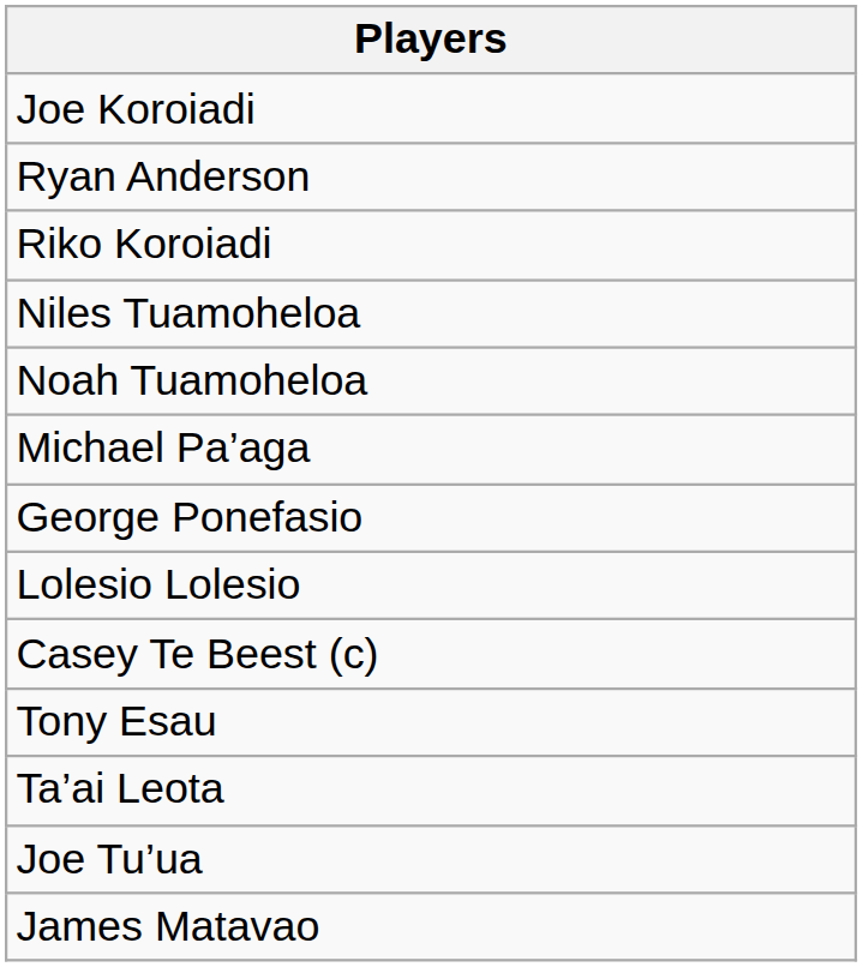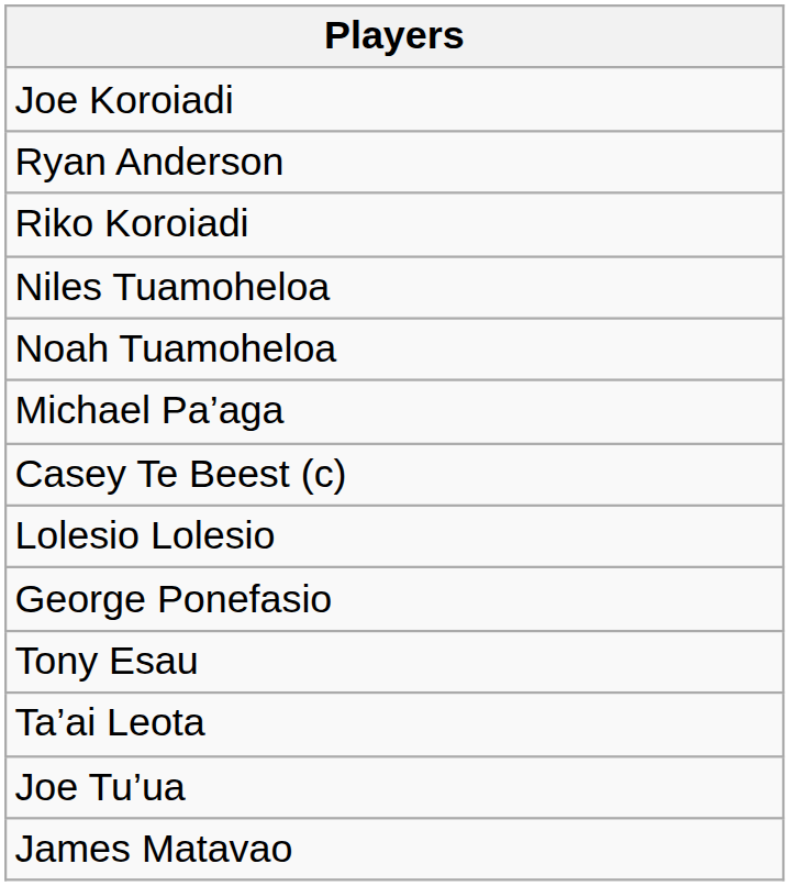 <table class="wikitable" style="width:20%">
 <tr>
 <th>Players</th>
 </tr>
 <tr>
 <td>Joe Koroiadi</td>
 </tr>
 <tr>
 <td>Ryan Anderson</td>
 </tr>
 <tr>
 <td>Riko Koroiadi</td>
 </tr>
 <tr>
 <td>Niles Tuamoheloa</td>
 </tr>
 <tr>
 <td>Noah Tuamoheloa</td>
 </tr>
 <tr>
 <td>Michael Pa’aga</td>
 </tr>
 <tr>
-<td>George Ponefasio</td>
+<td>Casey Te Beest (c)</td>
 </tr>
 <tr>
 <td>Lolesio Lolesio</td>
 </tr>
 <tr>
-<td>Casey Te Beest (c)</td>
+<td>George Ponefasio</td>
 </tr>
 <tr>
 <td>Tony Esau</td>
 </tr>
 <tr>
 <td>Ta’ai Leota</td>
 </tr>
 <tr>
 <td>Joe Tu’ua</td>
 </tr>
 <tr>
 <td>James Matavao</td>
 </tr>
 </table>
